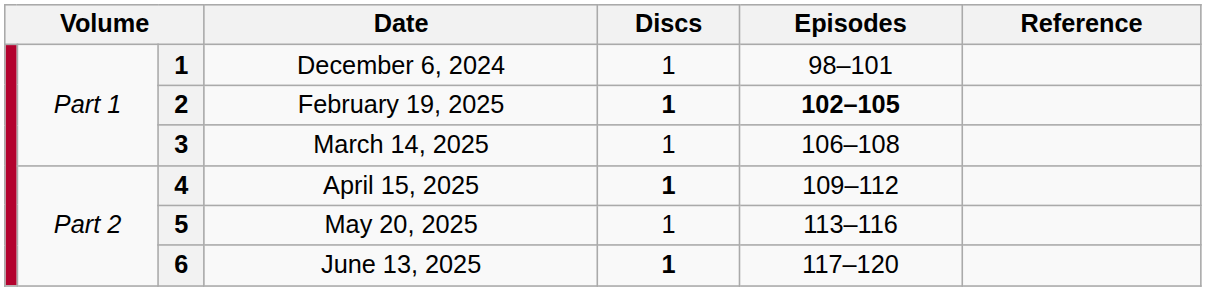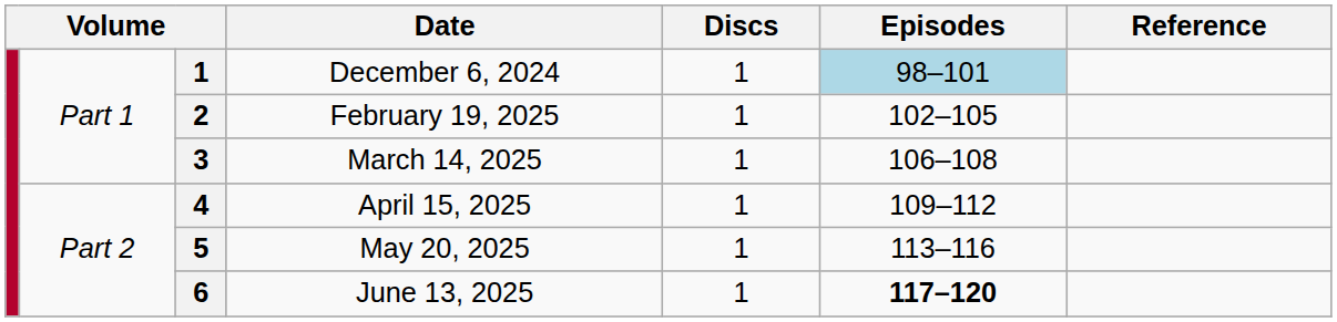 <table class="wikitable" style="text-align: center; width: 60%;">
 <tr>
 <th colspan="3" scope="col" 175px;>Volume</th>
 <th scope="col" 125px;>Date</th>
 <th scope="col">Discs</th>
 <th scope="col">Episodes</th>
 <th scope="col">Reference</th>
 </tr>
 <tr>
 <td rowspan="8" width="1%" style="background: #B3022E;"></td>
 <td rowspan="3"><em>Part 1</em></td>
 <th scope="row">1</th>
 <td>December 6, 2024</td>
 <td>1</td>
-<td>98–101</td>
+<td style="background: lightblue;">98–101</td>
 <td></td>
 </tr>
 <tr>
 <th scope="row">2</th>
 <td>February 19, 2025</td>
-<td><strong>1</strong></td>
-<td><strong>102–105</strong></td>
+<td>1</td>
+<td>102–105</td>
 <td></td>
 </tr>
 <tr>
 <th scope="row">3</th>
 <td>March 14, 2025</td>
 <td>1</td>
 <td>106–108</td>
 <td></td>
 </tr>
 <tr>
 <td rowspan="5"><em>Part 2</em></td>
 <th scope="row">4</th>
 <td>April 15, 2025</td>
-<td><strong>1</strong></td>
+<td>1</td>
 <td>109–112</td>
 <td></td>
 </tr>
 <tr>
 <th scope="row">5</th>
 <td>May 20, 2025</td>
 <td>1</td>
 <td>113–116</td>
 <td></td>
 </tr>
 <tr>
 <th scope="row">6</th>
 <td>June 13, 2025</td>
-<td><strong>1</strong></td>
-<td>117–120</td>
+<td>1</td>
+<td><strong>117–120</strong></td>
 <td></td>
 </tr>
 </table>
